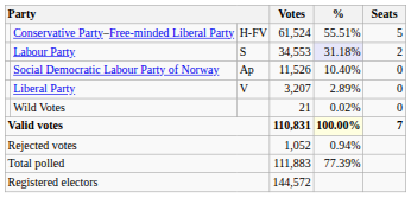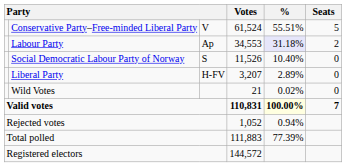 <table class="wikitable" border="1" style="text-align:right;">
 <tr>
 <th style="text-align:left;" colspan=3>Party</th>
 <th align=center width="50">Votes</th>
 <th align=center width="50">%</th>
 <th align=center width="50">Seats</th>
 </tr>
 <tr>
 <td></td>
 <td align=left><a href='#'>Conservative Party</a>–<a href='#'>Free-minded Liberal Party</a></td>
-<td align=left>H-FV</td>
+<td align=left>V</td>
 <td>61,524</td>
 <td>55.51%</td>
 <td>5</td>
 </tr>
 <tr>
 <td style="color:inherit;background:"></td>
 <td align=left><a href='#'>Labour Party</a></td>
-<td align=left>S</td>
+<td align=left>Ap</td>
 <td>34,553</td>
 <td style="background: lavender;">31.18%</td>
 <td>2</td>
 </tr>
 <tr>
 <td style="color:inherit;background:"></td>
 <td align=left><a href='#'>Social Democratic Labour Party of Norway</a></td>
-<td align=left>Ap</td>
+<td align=left>S</td>
 <td>11,526</td>
 <td>10.40%</td>
 <td>0</td>
 </tr>
 <tr>
 <td style="color:inherit;background:"></td>
 <td align=left><a href='#'>Liberal Party</a></td>
-<td align=left>V</td>
+<td align=left>H-FV</td>
 <td>3,207</td>
 <td>2.89%</td>
 <td>0</td>
 </tr>
 <tr>
 <td></td>
 <td align=left>Wild Votes</td>
 <td align=left></td>
 <td>21</td>
 <td>0.02%</td>
 <td>0</td>
 </tr>
 <tr style="font-weight:bold">
 <td align=left colspan=3>Valid votes</td>
 <td>110,831</td>
 <td style="background: lightyellow;">100.00%</td>
 <td>7</td>
 </tr>
 <tr>
 <td align=left colspan=3>Rejected votes</td>
 <td>1,052</td>
 <td>0.94%</td>
 <td></td>
 </tr>
 <tr>
 <td align=left colspan=3>Total polled</td>
 <td>111,883</td>
 <td>77.39%</td>
 <td></td>
 </tr>
 <tr>
 <td align=left colspan=3>Registered electors</td>
 <td>144,572</td>
 <td></td>
 <td></td>
 </tr>
 </table>
